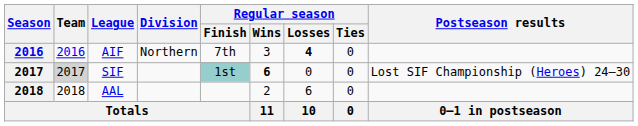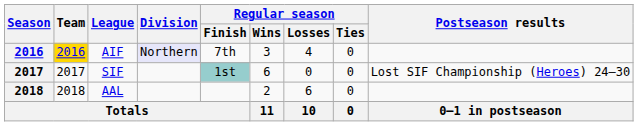 <table class="wikitable" style="text-align:center; font-size: 95%;">
 <tr>
 <th rowspan="2"><a href='#'>Season</a></th>
 <th rowspan="2">Team</th>
 <th rowspan="2"><a href='#'>League</a></th>
 <th rowspan="2"><a href='#'>Division</a></th>
 <th colspan="4"><a href='#'>Regular season</a></th>
 <th rowspan="2"><a href='#'>Postseason</a> results</th>
 </tr>
 <tr>
 <th>Finish</th>
 <th>Wins</th>
 <th>Losses</th>
 <th>Ties</th>
 </tr>
 <tr>
 <th><a href='#'>2016</a></th>
-<td><a href='#'>2016</a></td>
+<td style="background: gold;"><a href='#'>2016</a></td>
 <td><a href='#'>AIF</a></td>
-<td>Northern</td>
+<td style="background: lavender;">Northern</td>
 <td>7th</td>
 <td>3</td>
-<td><strong>4</strong></td>
+<td>4</td>
 <td>0</td>
 <td align=left></td>
 </tr>
 <tr>
 <th>2017</th>
-<td style="background: lightgrey;">2017</td>
+<td>2017</td>
 <td><a href='#'>SIF</a></td>
 <td></td>
 <td bgcolor=#96cdcd>1st</td>
-<td><strong>6</strong></td>
+<td>6</td>
 <td>0</td>
 <td>0</td>
 <td align=left>Lost SIF Championship (<a href='#'>Heroes</a>) 24–30</td>
 </tr>
 <tr>
 <th>2018</th>
 <td>2018</td>
 <td><a href='#'>AAL</a></td>
 <td></td>
 <td></td>
 <td>2</td>
 <td>6</td>
 <td>0</td>
 <td align=left></td>
 </tr>
 <tr>
 <th colspan="5">Totals</th>
 <th>11</th>
 <th>10</th>
 <th>0</th>
 <th align=left>0–1 in postseason</th>
 </tr>
 </table>
